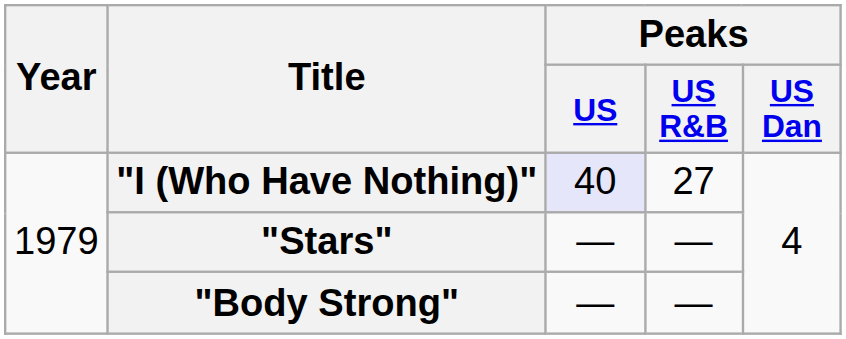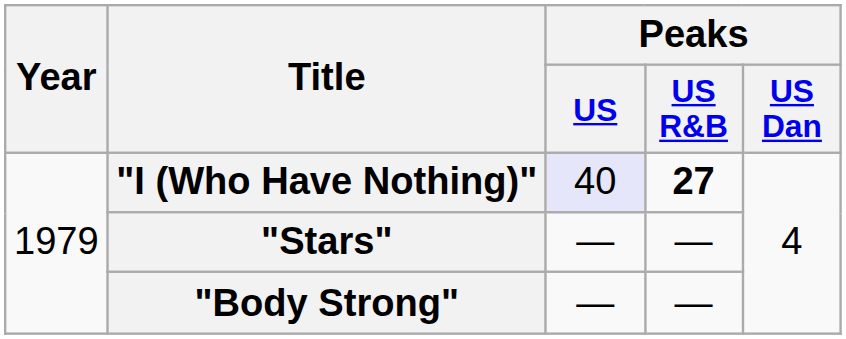 <table class="wikitable plainrowheaders" style="text-align:center;">
 <tr>
 <th scope="col" rowspan="2">Year</th>
 <th scope="col" rowspan="2">Title</th>
 <th scope="col" colspan="3">Peaks</th>
 </tr>
 <tr style="font-size:smaller;">
 <th scope="col" width="35"><a href='#'>US</a><br></th>
 <th scope="col" width="35"><a href='#'>US<br>R&B</a><br></th>
 <th scope="col" width="35"><a href='#'>US<br>Dan</a><br></th>
 </tr>
 <tr>
 <td rowspan="3">1979</td>
 <th scope="row">"I (Who Have Nothing)"</th>
 <td style="background: lavender;">40</td>
-<td>27</td>
+<td><strong>27</strong></td>
 <td rowspan="3">4</td>
 </tr>
 <tr>
 <th scope="row">"Stars"</th>
 <td>—</td>
 <td>—</td>
 </tr>
 <tr>
 <th scope="row">"Body Strong"</th>
 <td>—</td>
 <td>—</td>
 </tr>
 </table>
